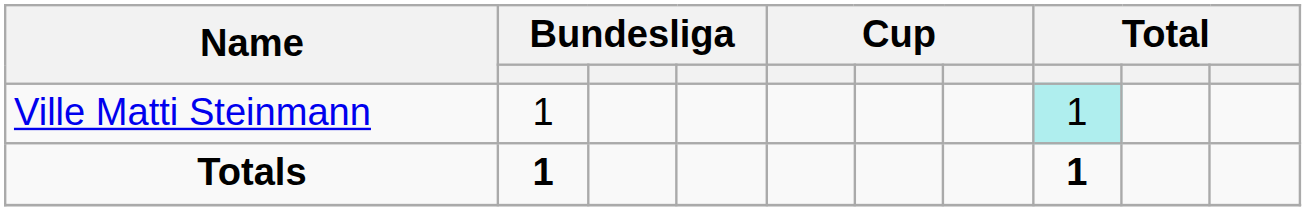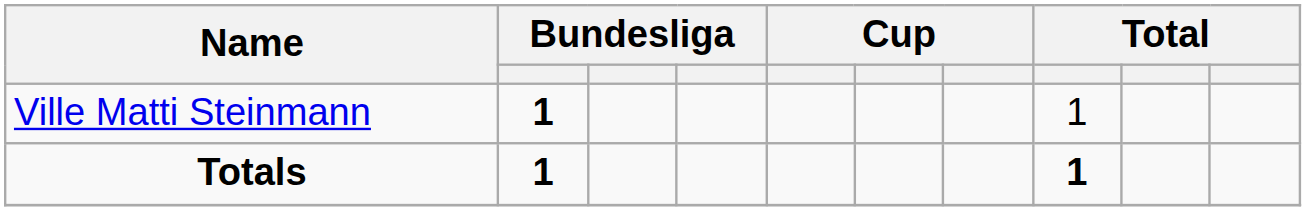 <table class="wikitable" style="text-align:center;">
 <tr>
 <th rowspan="2" width="200px">Name</th>
 <th colspan="3">Bundesliga</th>
 <th colspan="3">Cup</th>
 <th colspan="3">Total</th>
 </tr>
 <tr>
 <th width=30></th>
 <th width=30></th>
 <th width=30></th>
 <th width=30></th>
 <th width=30></th>
 <th width=30></th>
 <th width=30></th>
 <th width=30></th>
 <th width=30></th>
 </tr>
 <tr>
 <td align="left"> <a href='#'>Ville Matti Steinmann</a></td>
-<td>1</td>
+<td><strong>1</strong></td>
 <td></td>
 <td></td>
 <td></td>
 <td></td>
 <td></td>
-<td style="background: paleturquoise;">1</td>
+<td>1</td>
 <td></td>
 <td></td>
 </tr>
 <tr>
 <td><strong>Totals</strong></td>
 <td><strong>1</strong></td>
 <td></td>
 <td></td>
 <td></td>
 <td></td>
 <td></td>
 <td><strong>1</strong></td>
 <td></td>
 <td></td>
 </tr>
 <tr>
 </tr>
 </table>
